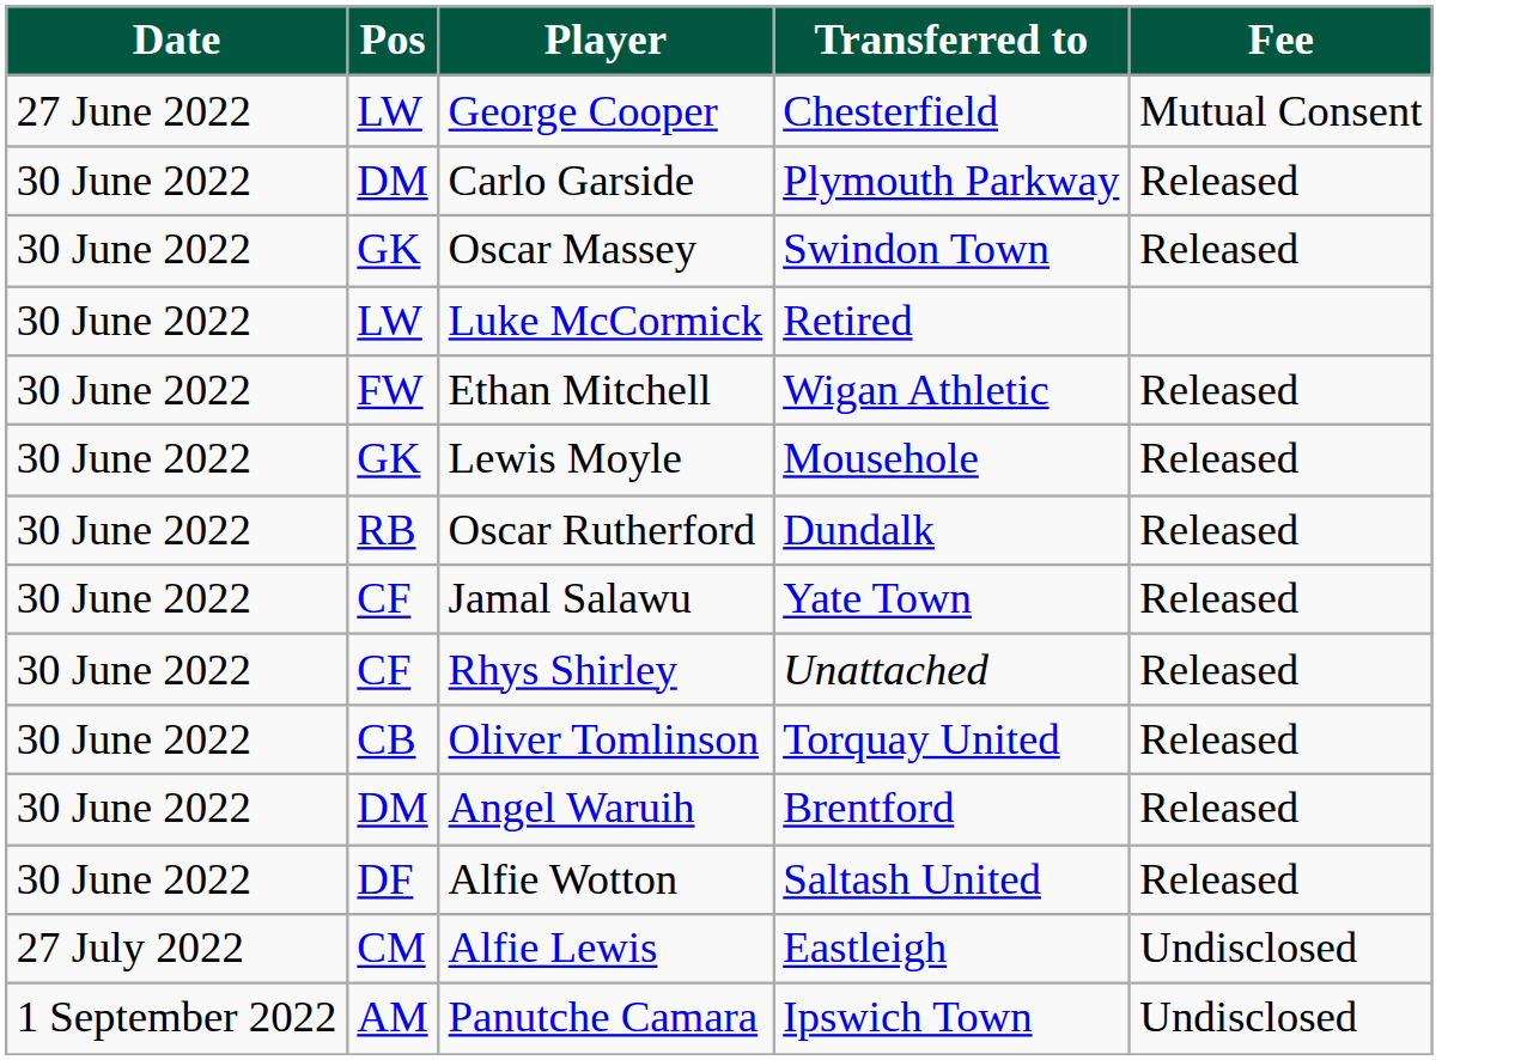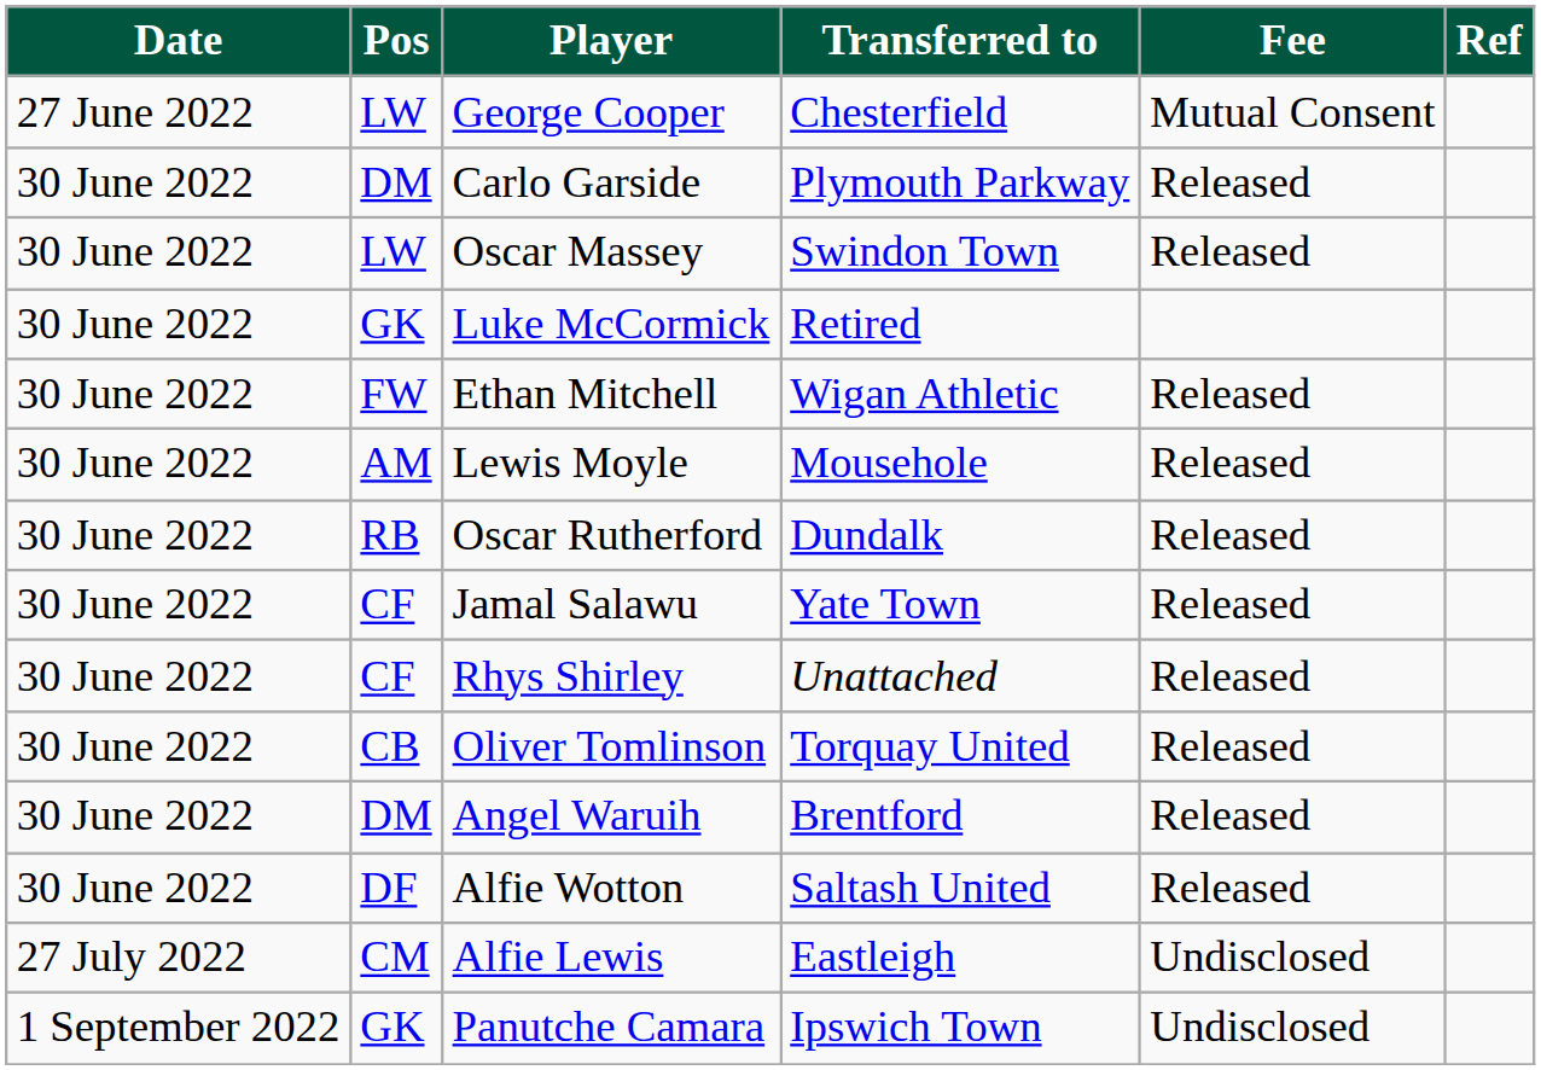 <table class="wikitable plainrowheaders sortable">
 <tr>
 <th style="background:#00563F; color:#ffffff; ">Date</th>
 <th style="background:#00563F; color:#ffffff; ">Pos</th>
 <th style="background:#00563F; color:#ffffff; ">Player</th>
 <th style="background:#00563F; color:#ffffff; ">Transferred to</th>
 <th style="background:#00563F; color:#ffffff; ">Fee</th>
+<th style="background:#00563F; color:#ffffff; ">Ref</th>
 </tr>
 <tr>
 <td>27 June 2022</td>
 <td><a href='#'>LW</a></td>
 <td> <a href='#'>George Cooper</a></td>
 <td> <a href='#'>Chesterfield</a></td>
 <td>Mutual Consent</td>
+<td></td>
 </tr>
 <tr>
 <td>30 June 2022</td>
 <td><a href='#'>DM</a></td>
 <td> Carlo Garside</td>
 <td> <a href='#'>Plymouth Parkway</a></td>
 <td>Released</td>
+<td></td>
+</tr>
+<tr>
+<td>30 June 2022</td>
+<td><a href='#'>LW</a></td>
+<td> Oscar Massey</td>
+<td> <a href='#'>Swindon Town</a></td>
+<td>Released</td>
+<td></td>
 </tr>
 <tr>
 <td>30 June 2022</td>
 <td><a href='#'>GK</a></td>
-<td> Oscar Massey</td>
-<td> <a href='#'>Swindon Town</a></td>
-<td>Released</td>
-</tr>
-<tr>
-<td>30 June 2022</td>
-<td><a href='#'>LW</a></td>
 <td> <a href='#'>Luke McCormick</a></td>
 <td> <a href='#'>Retired</a></td>
+<td></td>
 <td></td>
 </tr>
 <tr>
 <td>30 June 2022</td>
 <td><a href='#'>FW</a></td>
 <td> Ethan Mitchell</td>
 <td> <a href='#'>Wigan Athletic</a></td>
 <td>Released</td>
+<td></td>
 </tr>
 <tr>
 <td>30 June 2022</td>
-<td><a href='#'>GK</a></td>
+<td><a href='#'>AM</a></td>
 <td> Lewis Moyle</td>
 <td> <a href='#'>Mousehole</a></td>
 <td>Released</td>
+<td></td>
 </tr>
 <tr>
 <td>30 June 2022</td>
 <td><a href='#'>RB</a></td>
 <td> Oscar Rutherford</td>
 <td> <a href='#'>Dundalk</a></td>
 <td>Released</td>
+<td></td>
 </tr>
 <tr>
 <td>30 June 2022</td>
 <td><a href='#'>CF</a></td>
 <td> Jamal Salawu</td>
 <td> <a href='#'>Yate Town</a></td>
 <td>Released</td>
+<td></td>
 </tr>
 <tr>
 <td>30 June 2022</td>
 <td><a href='#'>CF</a></td>
 <td> <a href='#'>Rhys Shirley</a></td>
 <td> <em>Unattached</em></td>
 <td>Released</td>
+<td></td>
 </tr>
 <tr>
 <td>30 June 2022</td>
 <td><a href='#'>CB</a></td>
 <td> <a href='#'>Oliver Tomlinson</a></td>
 <td> <a href='#'>Torquay United</a></td>
 <td>Released</td>
+<td></td>
 </tr>
 <tr>
 <td>30 June 2022</td>
 <td><a href='#'>DM</a></td>
 <td> <a href='#'>Angel Waruih</a></td>
 <td> <a href='#'>Brentford</a></td>
 <td>Released</td>
+<td></td>
 </tr>
 <tr>
 <td>30 June 2022</td>
 <td><a href='#'>DF</a></td>
 <td> Alfie Wotton</td>
 <td> <a href='#'>Saltash United</a></td>
 <td>Released</td>
+<td></td>
 </tr>
 <tr>
 <td>27 July 2022</td>
 <td><a href='#'>CM</a></td>
 <td> <a href='#'>Alfie Lewis</a></td>
 <td> <a href='#'>Eastleigh</a></td>
 <td>Undisclosed</td>
+<td></td>
 </tr>
 <tr>
 <td>1 September 2022</td>
-<td><a href='#'>AM</a></td>
+<td><a href='#'>GK</a></td>
 <td> <a href='#'>Panutche Camara</a></td>
 <td> <a href='#'>Ipswich Town</a></td>
 <td>Undisclosed</td>
+<td></td>
 </tr>
 </table>
